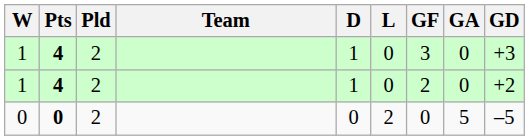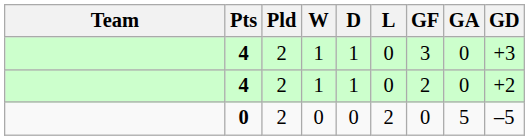 <table class=wikitable style="text-align:center">
 <tr>
-<th width=20>W</th>
+<th width=165>Team</th>
 <th width=20>Pts</th>
 <th width=20>Pld</th>
-<th width=165>Team</th>
+<th width=20>W</th>
 <th width=20>D</th>
 <th width=20>L</th>
 <th width=20>GF</th>
 <th width=20>GA</th>
 <th width=20>GD</th>
 </tr>
 <tr align=center style="background:#ccffcc;">
-<td>1</td>
+<td style="text-align:left;"></td>
 <td><strong>4</strong></td>
 <td>2</td>
-<td style="text-align:left;"></td>
+<td>1</td>
 <td>1</td>
 <td>0</td>
 <td>3</td>
 <td>0</td>
 <td>+3</td>
 </tr>
 <tr align=center style="background:#ccffcc;">
-<td>1</td>
+<td style="text-align:left;"></td>
 <td><strong>4</strong></td>
 <td>2</td>
-<td style="text-align:left;"></td>
+<td>1</td>
 <td>1</td>
 <td>0</td>
 <td>2</td>
 <td>0</td>
 <td>+2</td>
 </tr>
 <tr align=center>
-<td>0</td>
+<td style="text-align:left;"></td>
 <td><strong>0</strong></td>
 <td>2</td>
-<td style="text-align:left;"></td>
+<td>0</td>
 <td>0</td>
 <td>2</td>
 <td>0</td>
 <td>5</td>
 <td>–5</td>
 </tr>
 </table>
